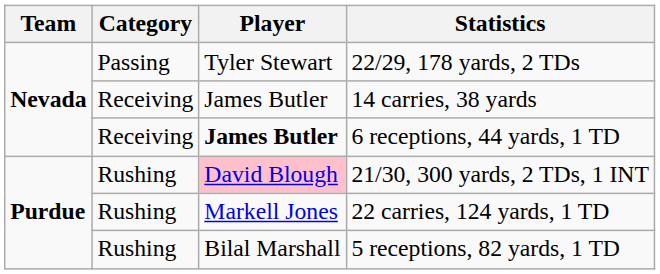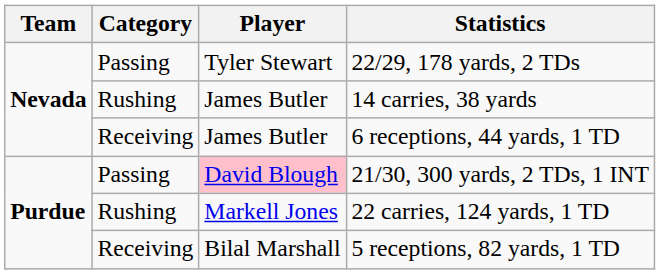 <table class="wikitable" style="float: left;">
 <tr>
 <th>Team</th>
 <th>Category</th>
 <th>Player</th>
 <th>Statistics</th>
 </tr>
 <tr>
 <td rowspan=3><strong>Nevada</strong></td>
 <td>Passing</td>
 <td>Tyler Stewart</td>
 <td>22/29, 178 yards, 2 TDs</td>
 </tr>
 <tr>
-<td>Receiving</td>
+<td>Rushing</td>
 <td>James Butler</td>
 <td>14 carries, 38 yards</td>
 </tr>
 <tr>
 <td>Receiving</td>
-<td><strong>James Butler</strong></td>
+<td>James Butler</td>
 <td>6 receptions, 44 yards, 1 TD</td>
 </tr>
 <tr>
 <td rowspan=3><strong>Purdue</strong></td>
-<td>Rushing</td>
+<td>Passing</td>
 <td style="background: pink;"><a href='#'>David Blough</a></td>
 <td>21/30, 300 yards, 2 TDs, 1 INT</td>
 </tr>
 <tr>
 <td>Rushing</td>
 <td><a href='#'>Markell Jones</a></td>
 <td>22 carries, 124 yards, 1 TD</td>
 </tr>
 <tr>
-<td>Rushing</td>
+<td>Receiving</td>
 <td>Bilal Marshall</td>
 <td>5 receptions, 82 yards, 1 TD</td>
 </tr>
 </table>
